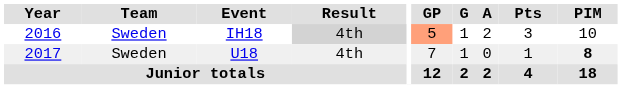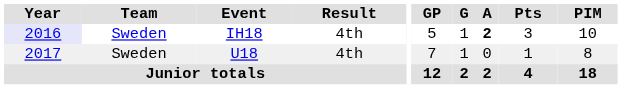 <table border="0" cellpadding="1" cellspacing="0" ID="Table3" style="text-align:center; width:40em">
 <tr bgcolor="#e0e0e0">
 <th>Year</th>
 <th>Team</th>
 <th>Event</th>
 <th>Result</th>
 <th rowspan="99" bgcolor="#ffffff"></th>
 <th>GP</th>
 <th>G</th>
 <th>A</th>
 <th>Pts</th>
 <th>PIM</th>
 </tr>
 <tr>
-<td><a href='#'>2016</a></td>
+<td style="background: lavender;"><a href='#'>2016</a></td>
 <td><a href='#'>Sweden</a></td>
 <td><a href='#'>IH18</a></td>
-<td style="background: lightgrey;">4th</td>
-<td style="background: lightsalmon;">5</td>
+<td>4th</td>
+<td>5</td>
 <td>1</td>
-<td>2</td>
+<td><strong>2</strong></td>
 <td>3</td>
 <td>10</td>
 </tr>
 <tr bgcolor="#f0f0f0">
 <td><a href='#'>2017</a></td>
 <td>Sweden</td>
 <td><a href='#'>U18</a></td>
 <td>4th</td>
 <td>7</td>
 <td>1</td>
 <td>0</td>
 <td>1</td>
-<td><strong>8</strong></td>
+<td>8</td>
 </tr>
 <tr bgcolor="#e0e0e0">
 <th colspan="4">Junior totals</th>
 <th>12</th>
 <th>2</th>
 <th>2</th>
 <th>4</th>
 <th>18</th>
 </tr>
 </table>
